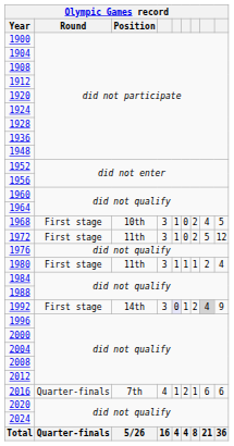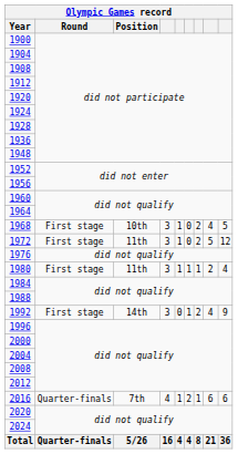 <table class="wikitable" style="text-align: center;">
 <tr>
 <th colspan=9><a href='#'>Olympic Games</a> record</th>
 </tr>
 <tr>
 <th>Year</th>
 <th>Round</th>
 <th>Position</th>
 <th></th>
 <th></th>
 <th></th>
 <th></th>
 <th></th>
 <th></th>
 </tr>
 <tr>
 <td> <a href='#'>1900</a></td>
 <td rowspan=9 colspan=8><em>did not participate</em></td>
 </tr>
 <tr>
 <td> <a href='#'>1904</a></td>
 </tr>
 <tr>
 <td> <a href='#'>1908</a></td>
 </tr>
 <tr>
 <td> <a href='#'>1912</a></td>
 </tr>
 <tr>
 <td> <a href='#'>1920</a></td>
 </tr>
 <tr>
 <td> <a href='#'>1924</a></td>
 </tr>
 <tr>
 <td> <a href='#'>1928</a></td>
 </tr>
 <tr>
 <td> <a href='#'>1936</a></td>
 </tr>
 <tr>
 <td> <a href='#'>1948</a></td>
 </tr>
 <tr>
 <td> <a href='#'>1952</a></td>
 <td rowspan=2 colspan=8><em>did not enter</em></td>
 </tr>
 <tr>
 <td> <a href='#'>1956</a></td>
 </tr>
 <tr>
 <td> <a href='#'>1960</a></td>
 <td rowspan=2 colspan=8><em>did not qualify</em></td>
 </tr>
 <tr>
 <td> <a href='#'>1964</a></td>
 </tr>
 <tr>
 <td> <a href='#'>1968</a></td>
 <td>First stage</td>
 <td>10th</td>
 <td>3</td>
 <td>1</td>
 <td>0</td>
 <td>2</td>
 <td>4</td>
 <td>5</td>
 </tr>
 <tr>
 <td> <a href='#'>1972</a></td>
 <td>First stage</td>
 <td>11th</td>
 <td>3</td>
 <td>1</td>
 <td>0</td>
 <td>2</td>
 <td>5</td>
 <td>12</td>
 </tr>
 <tr>
 <td> <a href='#'>1976</a></td>
 <td colspan=8><em>did not qualify</em></td>
 </tr>
 <tr>
 <td> <a href='#'>1980</a></td>
 <td>First stage</td>
 <td>11th</td>
 <td>3</td>
 <td>1</td>
 <td>1</td>
 <td>1</td>
 <td>2</td>
 <td>4</td>
 </tr>
 <tr>
 <td> <a href='#'>1984</a></td>
 <td rowspan=2 colspan=8><em>did not qualify</em></td>
 </tr>
 <tr>
 <td> <a href='#'>1988</a></td>
 </tr>
 <tr>
 <td> <a href='#'>1992</a></td>
 <td>First stage</td>
 <td>14th</td>
 <td>3</td>
-<td style="background: lavender;">0</td>
+<td>0</td>
 <td>1</td>
 <td>2</td>
-<td style="background: lightgrey;">4</td>
+<td>4</td>
 <td>9</td>
 </tr>
 <tr>
 <td> <a href='#'>1996</a></td>
 <td rowspan=5 colspan=8><em>did not qualify</em></td>
 </tr>
 <tr>
 <td> <a href='#'>2000</a></td>
 </tr>
 <tr>
 <td> <a href='#'>2004</a></td>
 </tr>
 <tr>
 <td> <a href='#'>2008</a></td>
 </tr>
 <tr>
 <td> <a href='#'>2012</a></td>
 </tr>
 <tr>
 <td> <a href='#'>2016</a></td>
 <td>Quarter-finals</td>
 <td>7th</td>
 <td>4</td>
 <td>1</td>
 <td>2</td>
 <td>1</td>
 <td>6</td>
 <td>6</td>
 </tr>
 <tr>
 <td> <a href='#'>2020</a></td>
 <td rowspan=2 colspan=8><em>did not qualify</em></td>
 </tr>
 <tr>
 <td> <a href='#'>2024</a></td>
 </tr>
 <tr>
 <th>Total</th>
 <th>Quarter-finals</th>
 <th>5/26</th>
 <th>16</th>
 <th>4</th>
 <th>4</th>
 <th>8</th>
 <th>21</th>
 <th>36</th>
 </tr>
 </table>
